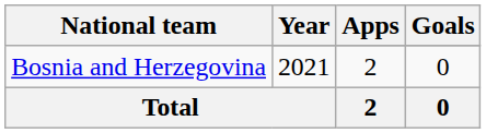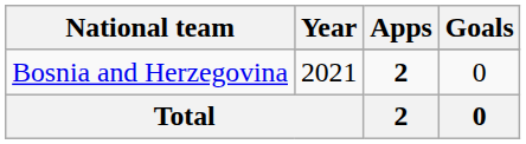 <table class=wikitable style="text-align: center">
 <tr>
 <th>National team</th>
 <th>Year</th>
 <th>Apps</th>
 <th>Goals</th>
 </tr>
 <tr>
 <td rowspan=2><a href='#'>Bosnia and Herzegovina</a></td>
 </tr>
 <tr>
 <td>2021</td>
-<td>2</td>
+<td><strong>2</strong></td>
 <td>0</td>
 </tr>
 <tr>
 <th colspan=2>Total</th>
 <th>2</th>
 <th>0</th>
 </tr>
 </table>
